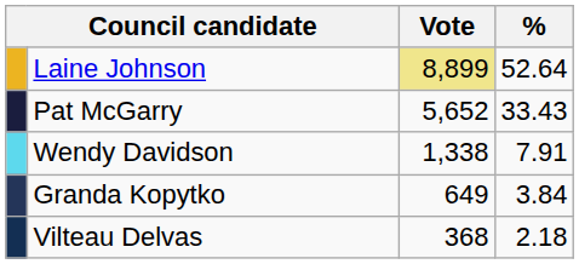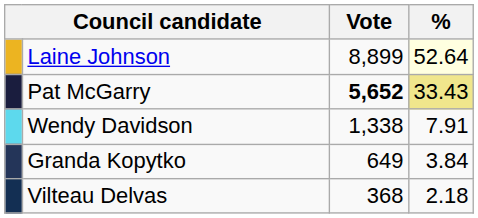 <table class="wikitable">
 <tr>
 <th bgcolor="#DDDDFF" width="230px" colspan="2">Council candidate</th>
 <th bgcolor="#DDDDFF" width="50px">Vote</th>
 <th bgcolor="#DDDDFF" width="30px">%</th>
 </tr>
 <tr>
 <td style="background-color:#ECB421;"></td>
 <td style="text-align:left;"><a href='#'>Laine Johnson</a></td>
-<td style="background: khaki; text-align:right;">8,899</td>
-<td style="text-align:right;">52.64</td>
+<td style="text-align:right;">8,899</td>
+<td style="background: lightyellow; text-align:right;">52.64</td>
 </tr>
 <tr>
 <td style="background-color:#1A1D3E;"></td>
 <td style="text-align:left;">Pat McGarry</td>
-<td style="text-align:right;">5,652</td>
-<td style="text-align:right;">33.43</td>
+<td style="text-align:right;"><strong>5,652</strong></td>
+<td style="background: khaki; text-align:right;">33.43</td>
 </tr>
 <tr>
 <td style="background-color:#5DD9ED;"></td>
 <td style="text-align:left;">Wendy Davidson</td>
 <td style="text-align:right;">1,338</td>
 <td style="text-align:right;">7.91</td>
 </tr>
 <tr>
 <td style="background-color:#243559;"></td>
 <td style="text-align:left;">Granda Kopytko</td>
 <td style="text-align:right;">649</td>
 <td style="text-align:right;">3.84</td>
 </tr>
 <tr>
 <td style="background-color:#132F53;"></td>
 <td style="text-align:left;">Vilteau Delvas</td>
 <td style="text-align:right;">368</td>
 <td style="text-align:right;">2.18</td>
 </tr>
 </table>
